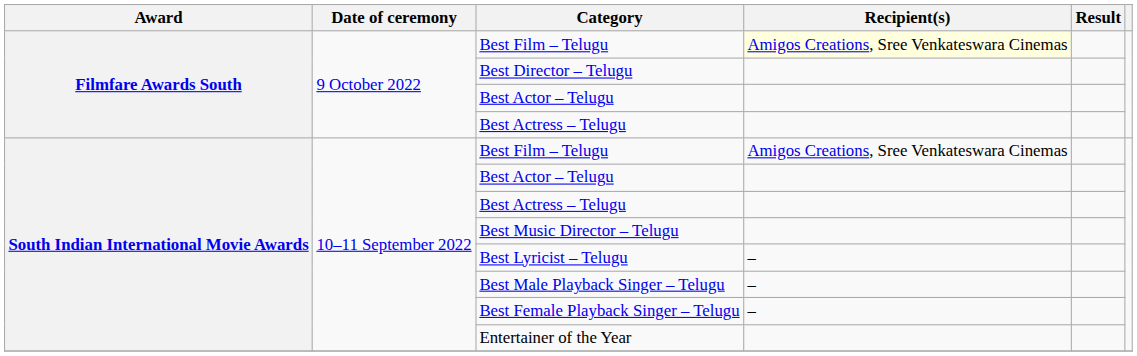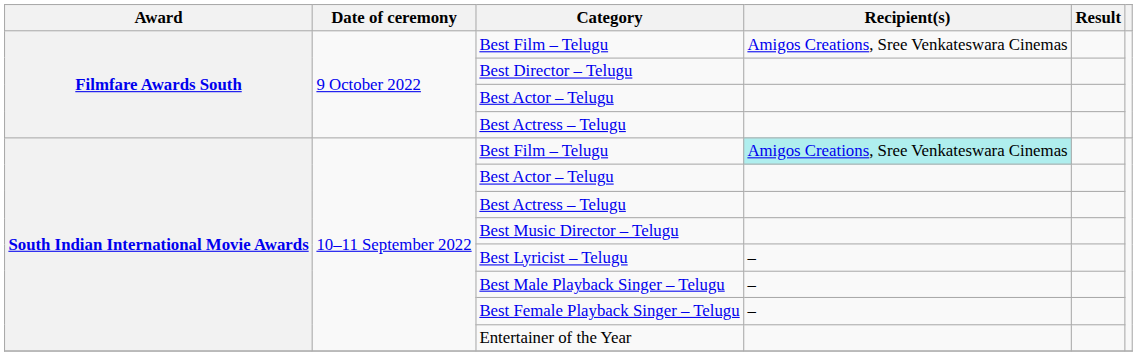 <table class="wikitable plainrowheaders sortable">
 <tr>
 <th scope="col">Award</th>
 <th scope="col">Date of ceremony</th>
 <th scope="col">Category</th>
 <th scope="col">Recipient(s)</th>
 <th scope="col">Result</th>
 <th scope="col" class="unsortable"></th>
 </tr>
 <tr>
 <th scope="row" rowspan="4"><a href='#'>Filmfare Awards South</a></th>
 <td rowspan="4"><a href='#'>9 October 2022</a></td>
 <td><a href='#'>Best Film – Telugu</a></td>
-<td style="background: lightyellow;"><a href='#'>Amigos Creations</a>, Sree Venkateswara Cinemas</td>
+<td><a href='#'>Amigos Creations</a>, Sree Venkateswara Cinemas</td>
 <td></td>
 <td style="text-align:center;" rowspan="4"><br></td>
 </tr>
 <tr>
 <td><a href='#'>Best Director – Telugu</a></td>
 <td></td>
 <td></td>
 </tr>
 <tr>
 <td><a href='#'>Best Actor – Telugu</a></td>
 <td></td>
 <td></td>
 </tr>
 <tr>
 <td><a href='#'>Best Actress – Telugu</a></td>
 <td></td>
 <td></td>
 </tr>
 <tr>
 <th scope="row" rowspan="8"><a href='#'>South Indian International Movie Awards</a></th>
 <td rowspan="8"><a href='#'>10–11 September 2022</a></td>
 <td><a href='#'>Best Film – Telugu</a></td>
-<td><a href='#'>Amigos Creations</a>, Sree Venkateswara Cinemas</td>
+<td style="background: paleturquoise;"><a href='#'>Amigos Creations</a>, Sree Venkateswara Cinemas</td>
 <td></td>
 <td style="text-align:center;" rowspan="8"><br></td>
 </tr>
 <tr>
 <td><a href='#'>Best Actor – Telugu</a></td>
 <td></td>
 <td></td>
 </tr>
 <tr>
 <td><a href='#'>Best Actress – Telugu</a></td>
 <td></td>
 <td></td>
 </tr>
 <tr>
 <td><a href='#'>Best Music Director – Telugu</a></td>
 <td></td>
 <td></td>
 </tr>
 <tr>
 <td><a href='#'>Best Lyricist – Telugu</a></td>
 <td> – </td>
 <td></td>
 </tr>
 <tr>
 <td><a href='#'>Best Male Playback Singer – Telugu</a></td>
 <td> – </td>
 <td></td>
 </tr>
 <tr>
 <td><a href='#'>Best Female Playback Singer – Telugu</a></td>
 <td> – </td>
 <td></td>
 </tr>
 <tr>
 <td>Entertainer of the Year</td>
 <td></td>
 <td></td>
 </tr>
 <tr>
 </tr>
 </table>
